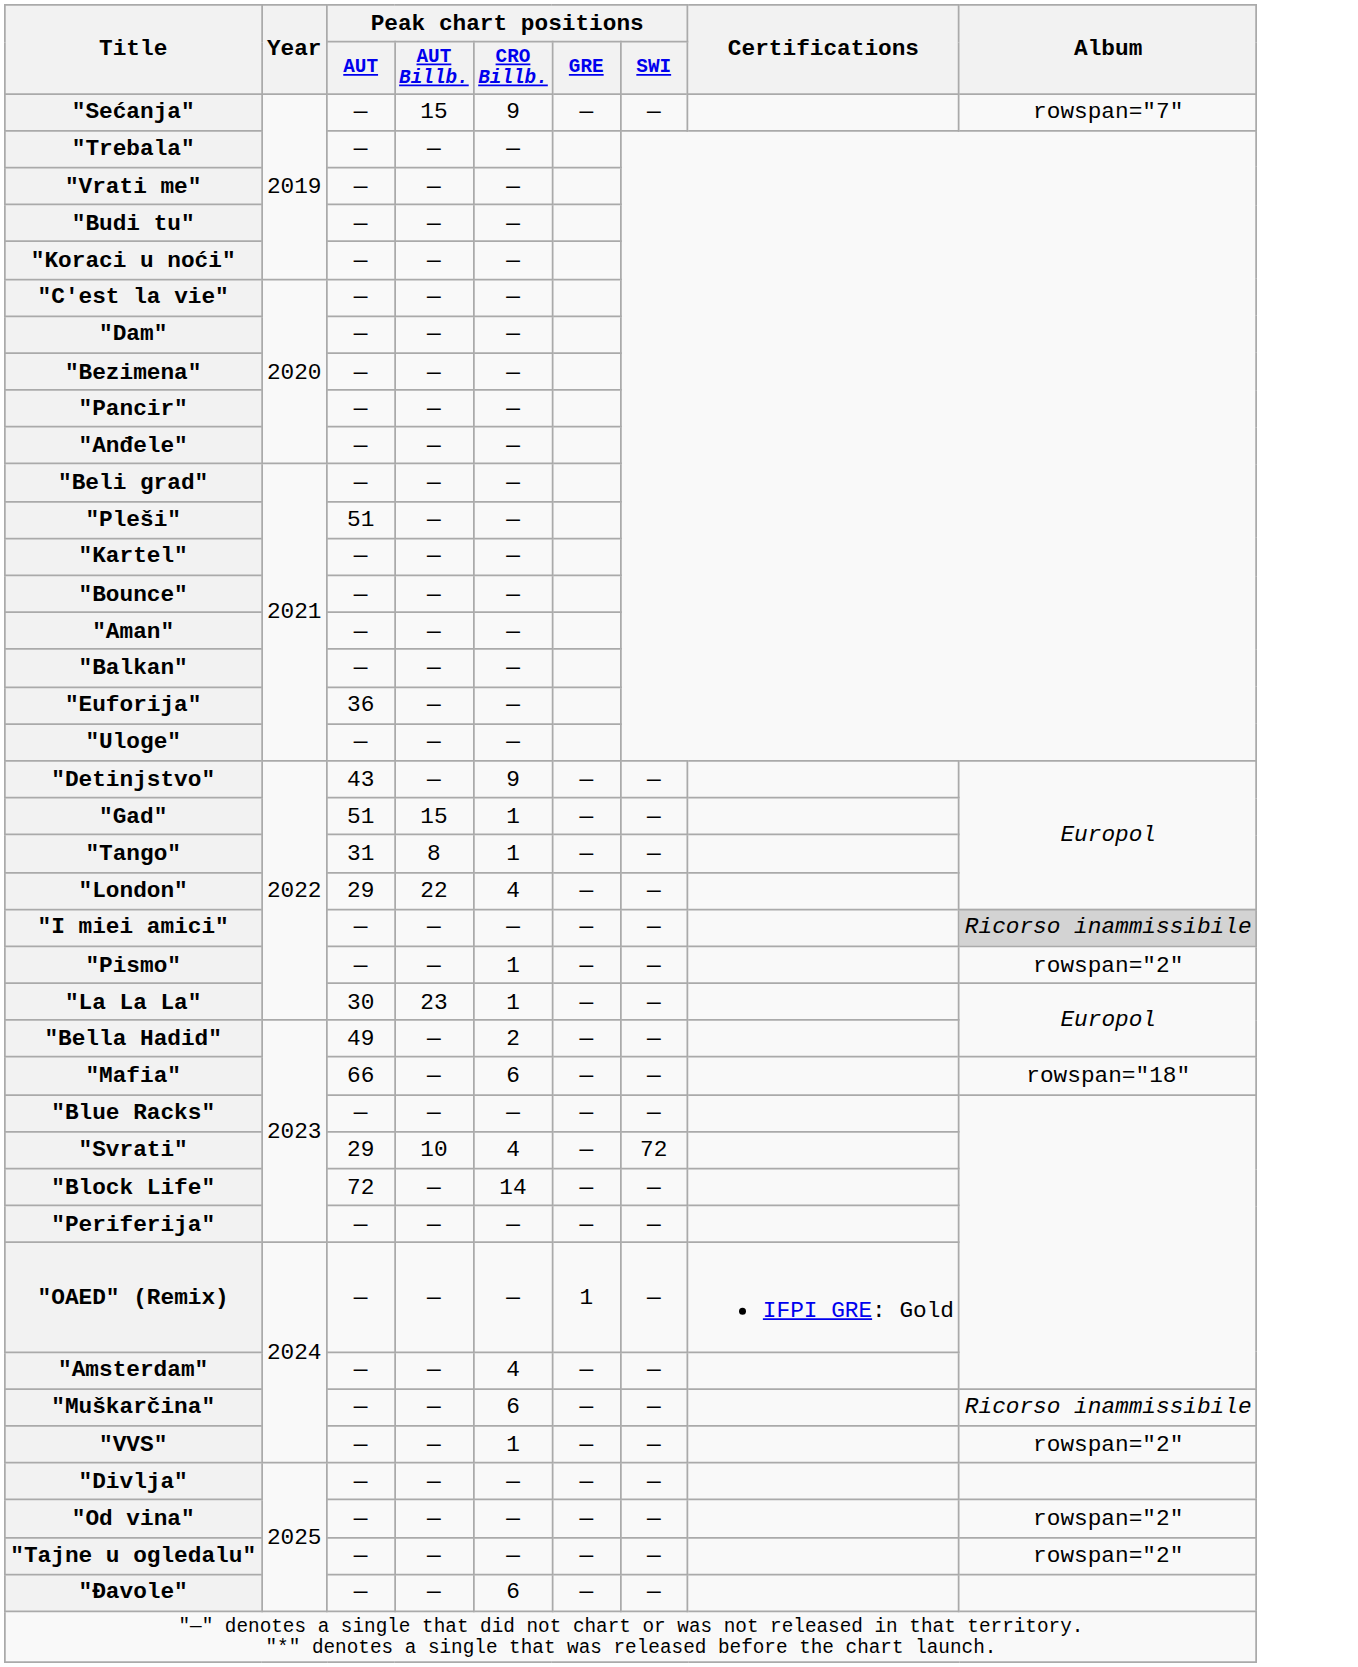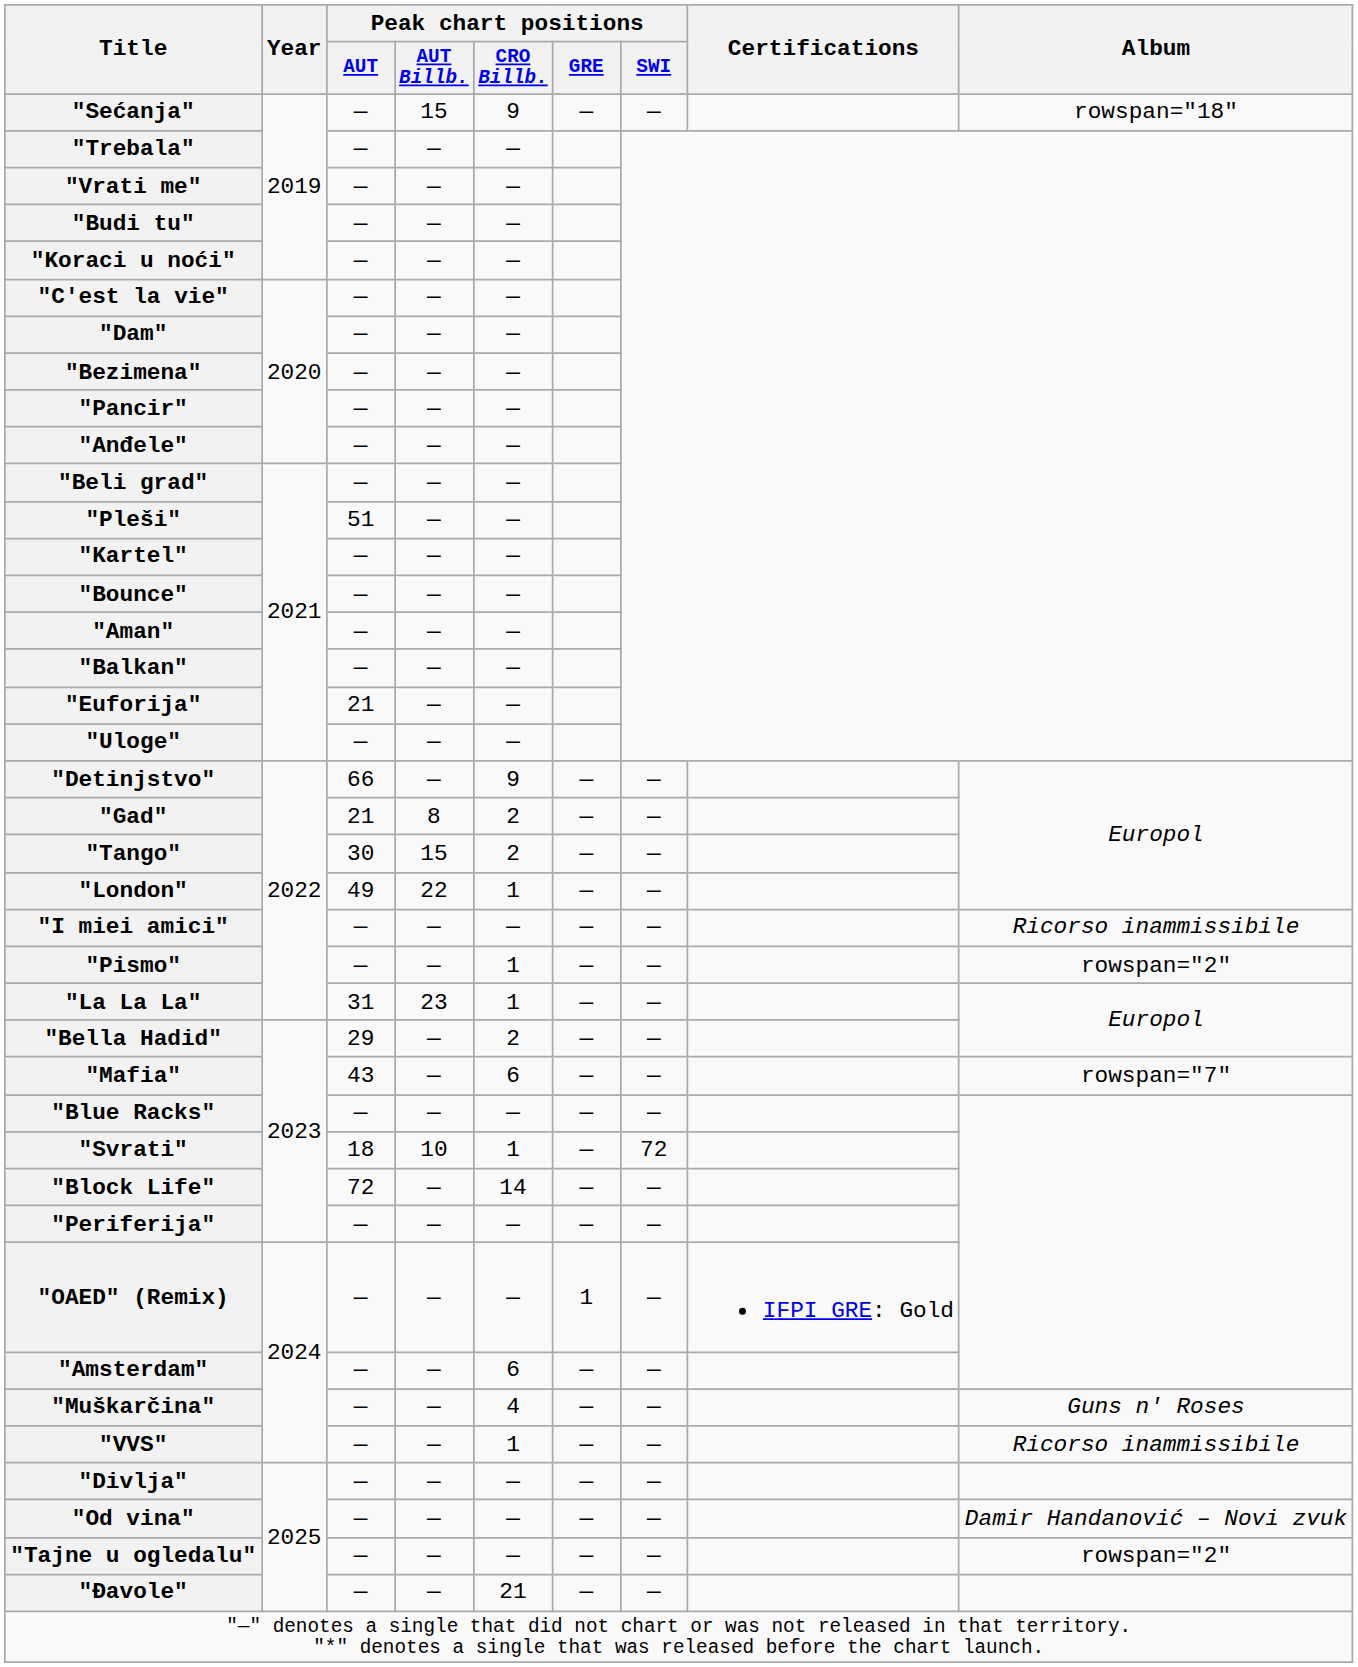 <table class="wikitable plainrowheaders" style="text-align:center;">
 <tr>
 <th scope="col" rowspan="2">Title</th>
 <th scope="col" rowspan="2">Year</th>
 <th scope="col" colspan="5">Peak chart positions</th>
 <th scope="col" rowspan="2">Certifications</th>
 <th scope="col" rowspan="2">Album</th>
 </tr>
 <tr>
 <th scope="col" style="width:3em; font-size:85%;"><a href='#'>AUT</a><br></th>
 <th scope="col" style="width:3em; font-size:85%;"><a href='#'>AUT<br><em>Billb.</em></a><br></th>
 <th scope="col" style="width:3em; font-size:85%;"><a href='#'>CRO<br><em>Billb.</em></a><br></th>
 <th scope="col" style="width:3em; font-size:85%;"><a href='#'>GRE</a><br></th>
 <th scope="col" style="width:3em; font-size:85%;"><a href='#'>SWI</a><br></th>
 </tr>
 <tr>
 <th scope="row">"Sećanja" <br></th>
 <td rowspan="5">2019</td>
 <td>—</td>
 <td>15</td>
 <td>9</td>
 <td>—</td>
 <td>—</td>
 <td></td>
-<td>rowspan="7" </td>
+<td>rowspan="18" </td>
 </tr>
 <tr>
 <th scope="row">"Trebala" <br></th>
 <td>—</td>
 <td>—</td>
 <td>—</td>
 <td></td>
 </tr>
 <tr>
 <th scope="row">"Vrati me" <br></th>
 <td>—</td>
 <td>—</td>
 <td>—</td>
 <td></td>
 </tr>
 <tr>
 <th scope="row">"Budi tu" <br></th>
 <td>—</td>
 <td>—</td>
 <td>—</td>
 <td></td>
 </tr>
 <tr>
 <th scope="row">"Koraci u noći" <br></th>
 <td>—</td>
 <td>—</td>
 <td>—</td>
 <td></td>
 </tr>
 <tr>
 <th scope="row">"C'est la vie" <br></th>
 <td rowspan="5">2020</td>
 <td>—</td>
 <td>—</td>
 <td>—</td>
 <td></td>
 </tr>
 <tr>
 <th scope="row">"Dam" <br></th>
 <td>—</td>
 <td>—</td>
 <td>—</td>
 <td></td>
 </tr>
 <tr>
 <th scope="row">"Bezimena" <br></th>
 <td>—</td>
 <td>—</td>
 <td>—</td>
 <td></td>
 </tr>
 <tr>
 <th scope="row">"Pancir" <br></th>
 <td>—</td>
 <td>—</td>
 <td>—</td>
 <td></td>
 </tr>
 <tr>
 <th scope="row">"Anđele" <br></th>
 <td>—</td>
 <td>—</td>
 <td>—</td>
 <td></td>
 </tr>
 <tr>
 <th scope="row">"Beli grad" <br></th>
 <td rowspan="8">2021</td>
 <td>—</td>
 <td>—</td>
 <td>—</td>
 <td></td>
 </tr>
 <tr>
 <th scope="row">"Pleši" <br></th>
 <td>51</td>
 <td>—</td>
 <td>—</td>
 <td></td>
 </tr>
 <tr>
 <th scope="row">"Kartel"</th>
 <td>—</td>
 <td>—</td>
 <td>—</td>
 <td></td>
 </tr>
 <tr>
 <th scope="row">"Bounce" <br></th>
 <td>—</td>
 <td>—</td>
 <td>—</td>
 <td></td>
 </tr>
 <tr>
 <th scope="row">"Aman" <br></th>
 <td>—</td>
 <td>—</td>
 <td>—</td>
 <td></td>
 </tr>
 <tr>
 <th scope="row">"Balkan" <br></th>
 <td>—</td>
 <td>—</td>
 <td>—</td>
 <td></td>
 </tr>
 <tr>
 <th scope="row">"Euforija"</th>
-<td>36</td>
+<td>21</td>
 <td>—</td>
 <td>—</td>
 <td></td>
 </tr>
 <tr>
 <th scope="row">"Uloge"</th>
 <td>—</td>
 <td>—</td>
 <td>—</td>
 <td></td>
 </tr>
 <tr>
 <th scope="row">"Detinjstvo"</th>
 <td rowspan="7">2022</td>
-<td>43</td>
+<td>66</td>
 <td>—</td>
 <td>9</td>
 <td>—</td>
 <td>—</td>
 <td></td>
 <td rowspan="4"><em>Europol</em></td>
 </tr>
 <tr>
 <th scope="row">"Gad" <br></th>
-<td>51</td>
-<td>15</td>
-<td>1</td>
+<td>21</td>
+<td>8</td>
+<td>2</td>
 <td>—</td>
 <td>—</td>
 <td></td>
 </tr>
 <tr>
 <th scope="row">"Tango"</th>
-<td>31</td>
-<td>8</td>
-<td>1</td>
+<td>30</td>
+<td>15</td>
+<td>2</td>
 <td>—</td>
 <td>—</td>
 <td></td>
 </tr>
 <tr>
 <th scope="row">"London" <br></th>
-<td>29</td>
+<td>49</td>
 <td>22</td>
-<td>4</td>
+<td>1</td>
 <td>—</td>
 <td>—</td>
 <td></td>
 </tr>
 <tr>
 <th scope="row">"I miei amici" <br></th>
 <td>—</td>
 <td>—</td>
 <td>—</td>
 <td>—</td>
 <td>—</td>
 <td></td>
-<td style="background: lightgrey;"><em>Ricorso inammissibile</em></td>
+<td><em>Ricorso inammissibile</em></td>
 </tr>
 <tr>
 <th scope="row">"Pismo" <br></th>
 <td>—</td>
 <td>—</td>
 <td>1</td>
 <td>—</td>
 <td>—</td>
 <td></td>
 <td>rowspan="2" </td>
 </tr>
 <tr>
 <th scope="row">"La La La"</th>
-<td>30</td>
+<td>31</td>
 <td>23</td>
 <td>1</td>
 <td>—</td>
 <td>—</td>
 <td></td>
 <td rowspan="2"><em>Europol</em></td>
 </tr>
 <tr>
 <th scope="row">"Bella Hadid"<br></th>
 <td rowspan="6">2023</td>
-<td>49</td>
+<td>29</td>
 <td>—</td>
 <td>2</td>
 <td>—</td>
 <td>—</td>
 <td></td>
 </tr>
 <tr>
 <th scope="row">"Mafia"<br></th>
-<td>66</td>
+<td>43</td>
 <td>—</td>
 <td>6</td>
 <td>—</td>
 <td>—</td>
 <td></td>
-<td>rowspan="18" </td>
+<td>rowspan="7" </td>
 </tr>
 <tr>
 <th scope="row">"Blue Racks"<br></th>
 <td>—</td>
 <td>—</td>
 <td>—</td>
 <td>—</td>
 <td>—</td>
 <td></td>
 </tr>
 <tr>
 <th scope="row">"Svrati"</th>
-<td>29</td>
+<td>18</td>
 <td>10</td>
-<td>4</td>
+<td>1</td>
 <td>—</td>
 <td>72</td>
 <td></td>
 </tr>
 <tr>
 <th scope="row">"Block Life"<br></th>
 <td>72</td>
 <td>—</td>
 <td>14</td>
 <td>—</td>
 <td>—</td>
 <td></td>
 </tr>
 <tr>
 <th scope="row">"Periferija"<br></th>
 <td>—</td>
 <td>—</td>
 <td>—</td>
 <td>—</td>
 <td>—</td>
 <td></td>
 </tr>
 <tr>
 <th scope="row">"OAED" (Remix)<br></th>
 <td rowspan="4">2024</td>
 <td>—</td>
 <td>—</td>
 <td>—</td>
 <td>1</td>
 <td>—</td>
 <td><br><ul><li><a href='#'>IFPI GRE</a>: Gold</li></ul></td>
 </tr>
 <tr>
 <th scope="row">"Amsterdam"<br></th>
 <td>—</td>
 <td>—</td>
-<td>4</td>
+<td>6</td>
 <td>—</td>
 <td>—</td>
 <td></td>
 </tr>
 <tr>
 <th scope="row">"Muškarčina"<br></th>
 <td>—</td>
 <td>—</td>
-<td>6</td>
+<td>4</td>
 <td>—</td>
 <td>—</td>
 <td></td>
-<td><em>Ricorso inammissibile</em></td>
+<td rowspan="1"><em>Guns n' Roses</em></td>
 </tr>
 <tr>
 <th scope="row">"VVS"<br></th>
 <td>—</td>
 <td>—</td>
 <td>1</td>
 <td>—</td>
 <td>—</td>
 <td></td>
-<td>rowspan="2" </td>
+<td><em>Ricorso inammissibile</em></td>
 </tr>
 <tr>
 <th scope="row">"Divlja"<br></th>
 <td rowspan="4">2025</td>
 <td>—</td>
 <td>—</td>
 <td>—</td>
 <td>—</td>
 <td>—</td>
 <td></td>
 </tr>
 <tr>
 <th scope="row">"Od vina"</th>
 <td>—</td>
 <td>—</td>
 <td>—</td>
 <td>—</td>
 <td>—</td>
 <td></td>
-<td>rowspan="2" </td>
+<td><em>Damir Handanović – Novi zvuk</em></td>
 </tr>
 <tr>
 <th scope="row">"Tajne u ogledalu"</th>
 <td>—</td>
 <td>—</td>
 <td>—</td>
 <td>—</td>
 <td>—</td>
 <td></td>
 <td>rowspan="2" </td>
 </tr>
 <tr>
 <th scope="row">"Đavole"<br></th>
 <td>—</td>
 <td>—</td>
-<td>6</td>
+<td>21</td>
 <td>—</td>
 <td>—</td>
 <td></td>
 </tr>
 <tr>
 <td colspan="9" style="text-align:center; font-size:85%;">"—" denotes a single that did not chart or was not released in that territory.<br>"*" denotes a single that was released before the chart launch.</td>
 </tr>
 </table>
